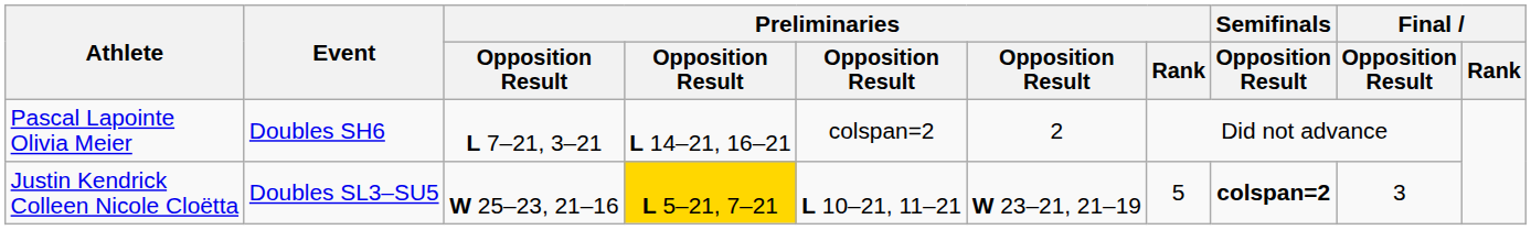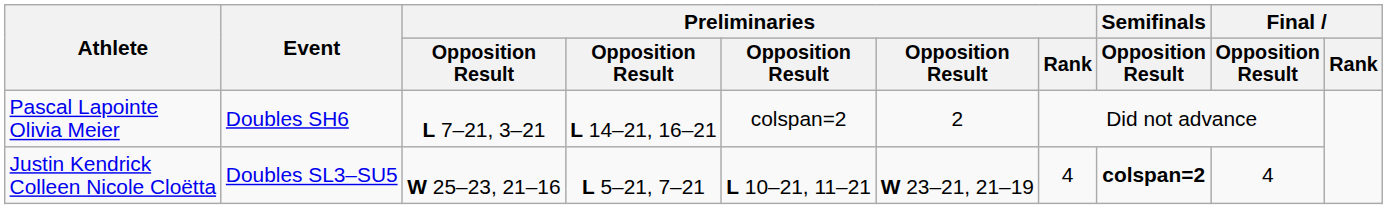 <table class=wikitable style="font-size:90%">
 <tr>
 <th rowspan="2">Athlete</th>
 <th rowspan="2">Event</th>
 <th colspan="5">Preliminaries</th>
 <th>Semifinals</th>
 <th colspan="2">Final / </th>
 </tr>
 <tr style="font-size:95%">
 <th>Opposition<br>Result</th>
 <th>Opposition<br>Result</th>
 <th>Opposition<br>Result</th>
 <th>Opposition<br>Result</th>
 <th>Rank</th>
 <th>Opposition<br>Result</th>
 <th>Opposition<br>Result</th>
 <th>Rank</th>
 </tr>
 <tr align=center>
 <td align=left><a href='#'>Pascal Lapointe</a><br><a href='#'>Olivia Meier</a></td>
 <td align=left><a href='#'>Doubles SH6</a></td>
 <td><br><strong>L</strong> 7–21, 3–21</td>
 <td><br><strong>L</strong> 14–21, 16–21</td>
 <td>colspan=2 </td>
 <td>2</td>
 <td colspan=3>Did not advance</td>
 </tr>
 <tr align=center>
 <td align=left><a href='#'>Justin Kendrick</a><br><a href='#'>Colleen Nicole Cloëtta</a></td>
 <td align=left><a href='#'>Doubles SL3–SU5</a></td>
 <td><br><strong>W</strong> 25–23, 21–16</td>
-<td style="background: gold;"><br><strong>L</strong> 5–21, 7–21</td>
+<td><br><strong>L</strong> 5–21, 7–21</td>
 <td><br><strong>L</strong> 10–21, 11–21</td>
 <td><br><strong>W</strong> 23–21, 21–19</td>
-<td>5</td>
+<td>4</td>
 <td><strong>colspan=2 </strong></td>
-<td>3</td>
+<td>4</td>
 </tr>
 </table>
